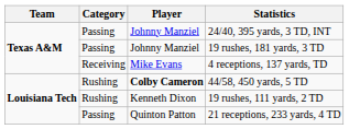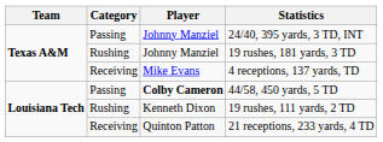 <table class="wikitable" style="float: left;">
 <tr>
 <th>Team</th>
 <th>Category</th>
 <th>Player</th>
 <th>Statistics</th>
 </tr>
 <tr>
 <td rowspan=3><strong>Texas A&M</strong></td>
 <td>Passing</td>
 <td><a href='#'>Johnny Manziel</a></td>
 <td>24/40, 395 yards, 3 TD, INT</td>
 </tr>
 <tr>
-<td>Passing</td>
+<td>Rushing</td>
 <td>Johnny Manziel</td>
 <td>19 rushes, 181 yards, 3 TD</td>
 </tr>
 <tr>
 <td>Receiving</td>
 <td><a href='#'>Mike Evans</a></td>
 <td>4 receptions, 137 yards, TD</td>
 </tr>
 <tr>
 <td rowspan=3><strong>Louisiana Tech</strong></td>
-<td>Rushing</td>
+<td>Passing</td>
 <td><strong>Colby Cameron</strong></td>
 <td>44/58, 450 yards, 5 TD</td>
 </tr>
 <tr>
 <td>Rushing</td>
 <td>Kenneth Dixon</td>
 <td>19 rushes, 111 yards, 2 TD</td>
 </tr>
 <tr>
-<td>Passing</td>
+<td>Receiving</td>
 <td>Quinton Patton</td>
 <td>21 receptions, 233 yards, 4 TD</td>
 </tr>
 </table>
